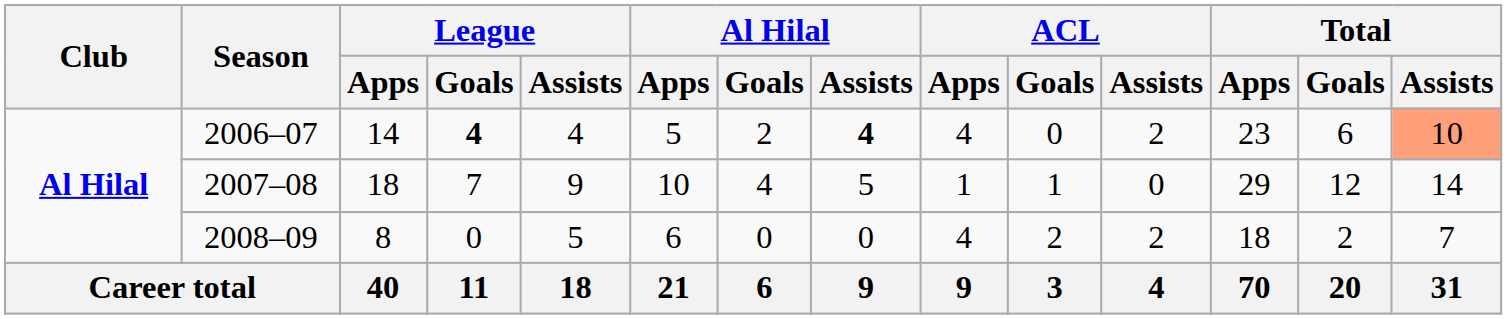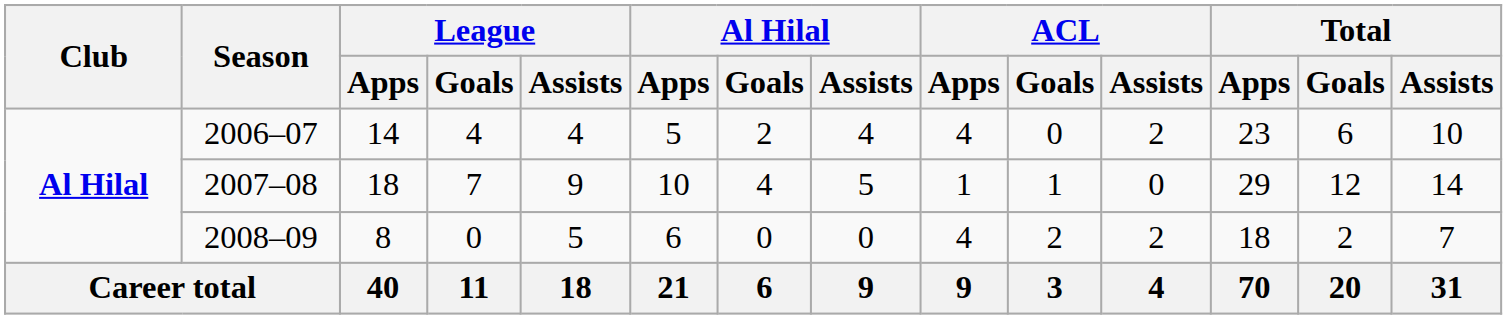 <table class="wikitable" style="text-align:center;">
 <tr>
 <th rowspan=2 style="width:80px;">Club</th>
 <th rowspan=2 style="width:70px;">Season</th>
 <th colspan=3><a href='#'>League</a></th>
 <th colspan=3><a href='#'>Al Hilal</a></th>
 <th colspan=3><a href='#'>ACL</a></th>
 <th colspan=3>Total</th>
 </tr>
 <tr>
 <th>Apps</th>
 <th>Goals</th>
 <th>Assists</th>
 <th>Apps</th>
 <th>Goals</th>
 <th>Assists</th>
 <th>Apps</th>
 <th>Goals</th>
 <th>Assists</th>
 <th>Apps</th>
 <th>Goals</th>
 <th>Assists</th>
 </tr>
 <tr align=center>
 <td rowspan=3 style="text-align:center;"><strong><a href='#'>Al Hilal</a></strong></td>
 <td>2006–07</td>
 <td>14</td>
-<td><strong>4</strong></td>
+<td>4</td>
 <td>4</td>
 <td>5</td>
 <td>2</td>
-<td><strong>4</strong></td>
+<td>4</td>
 <td>4</td>
 <td>0</td>
 <td>2</td>
 <td>23</td>
 <td>6</td>
-<td style="background: lightsalmon;">10</td>
+<td>10</td>
 </tr>
 <tr align=center>
 <td>2007–08</td>
 <td>18</td>
 <td>7</td>
 <td>9</td>
 <td>10</td>
 <td>4</td>
 <td>5</td>
 <td>1</td>
 <td>1</td>
 <td>0</td>
 <td>29</td>
 <td>12</td>
 <td>14</td>
 </tr>
 <tr align=center>
 <td>2008–09</td>
 <td>8</td>
 <td>0</td>
 <td>5</td>
 <td>6</td>
 <td>0</td>
 <td>0</td>
 <td>4</td>
 <td>2</td>
 <td>2</td>
 <td>18</td>
 <td>2</td>
 <td>7</td>
 </tr>
 <tr>
 <th colspan=2>Career total</th>
 <th>40</th>
 <th>11</th>
 <th>18</th>
 <th>21</th>
 <th>6</th>
 <th>9</th>
 <th>9</th>
 <th>3</th>
 <th>4</th>
 <th>70</th>
 <th>20</th>
 <th>31</th>
 </tr>
 </table>
